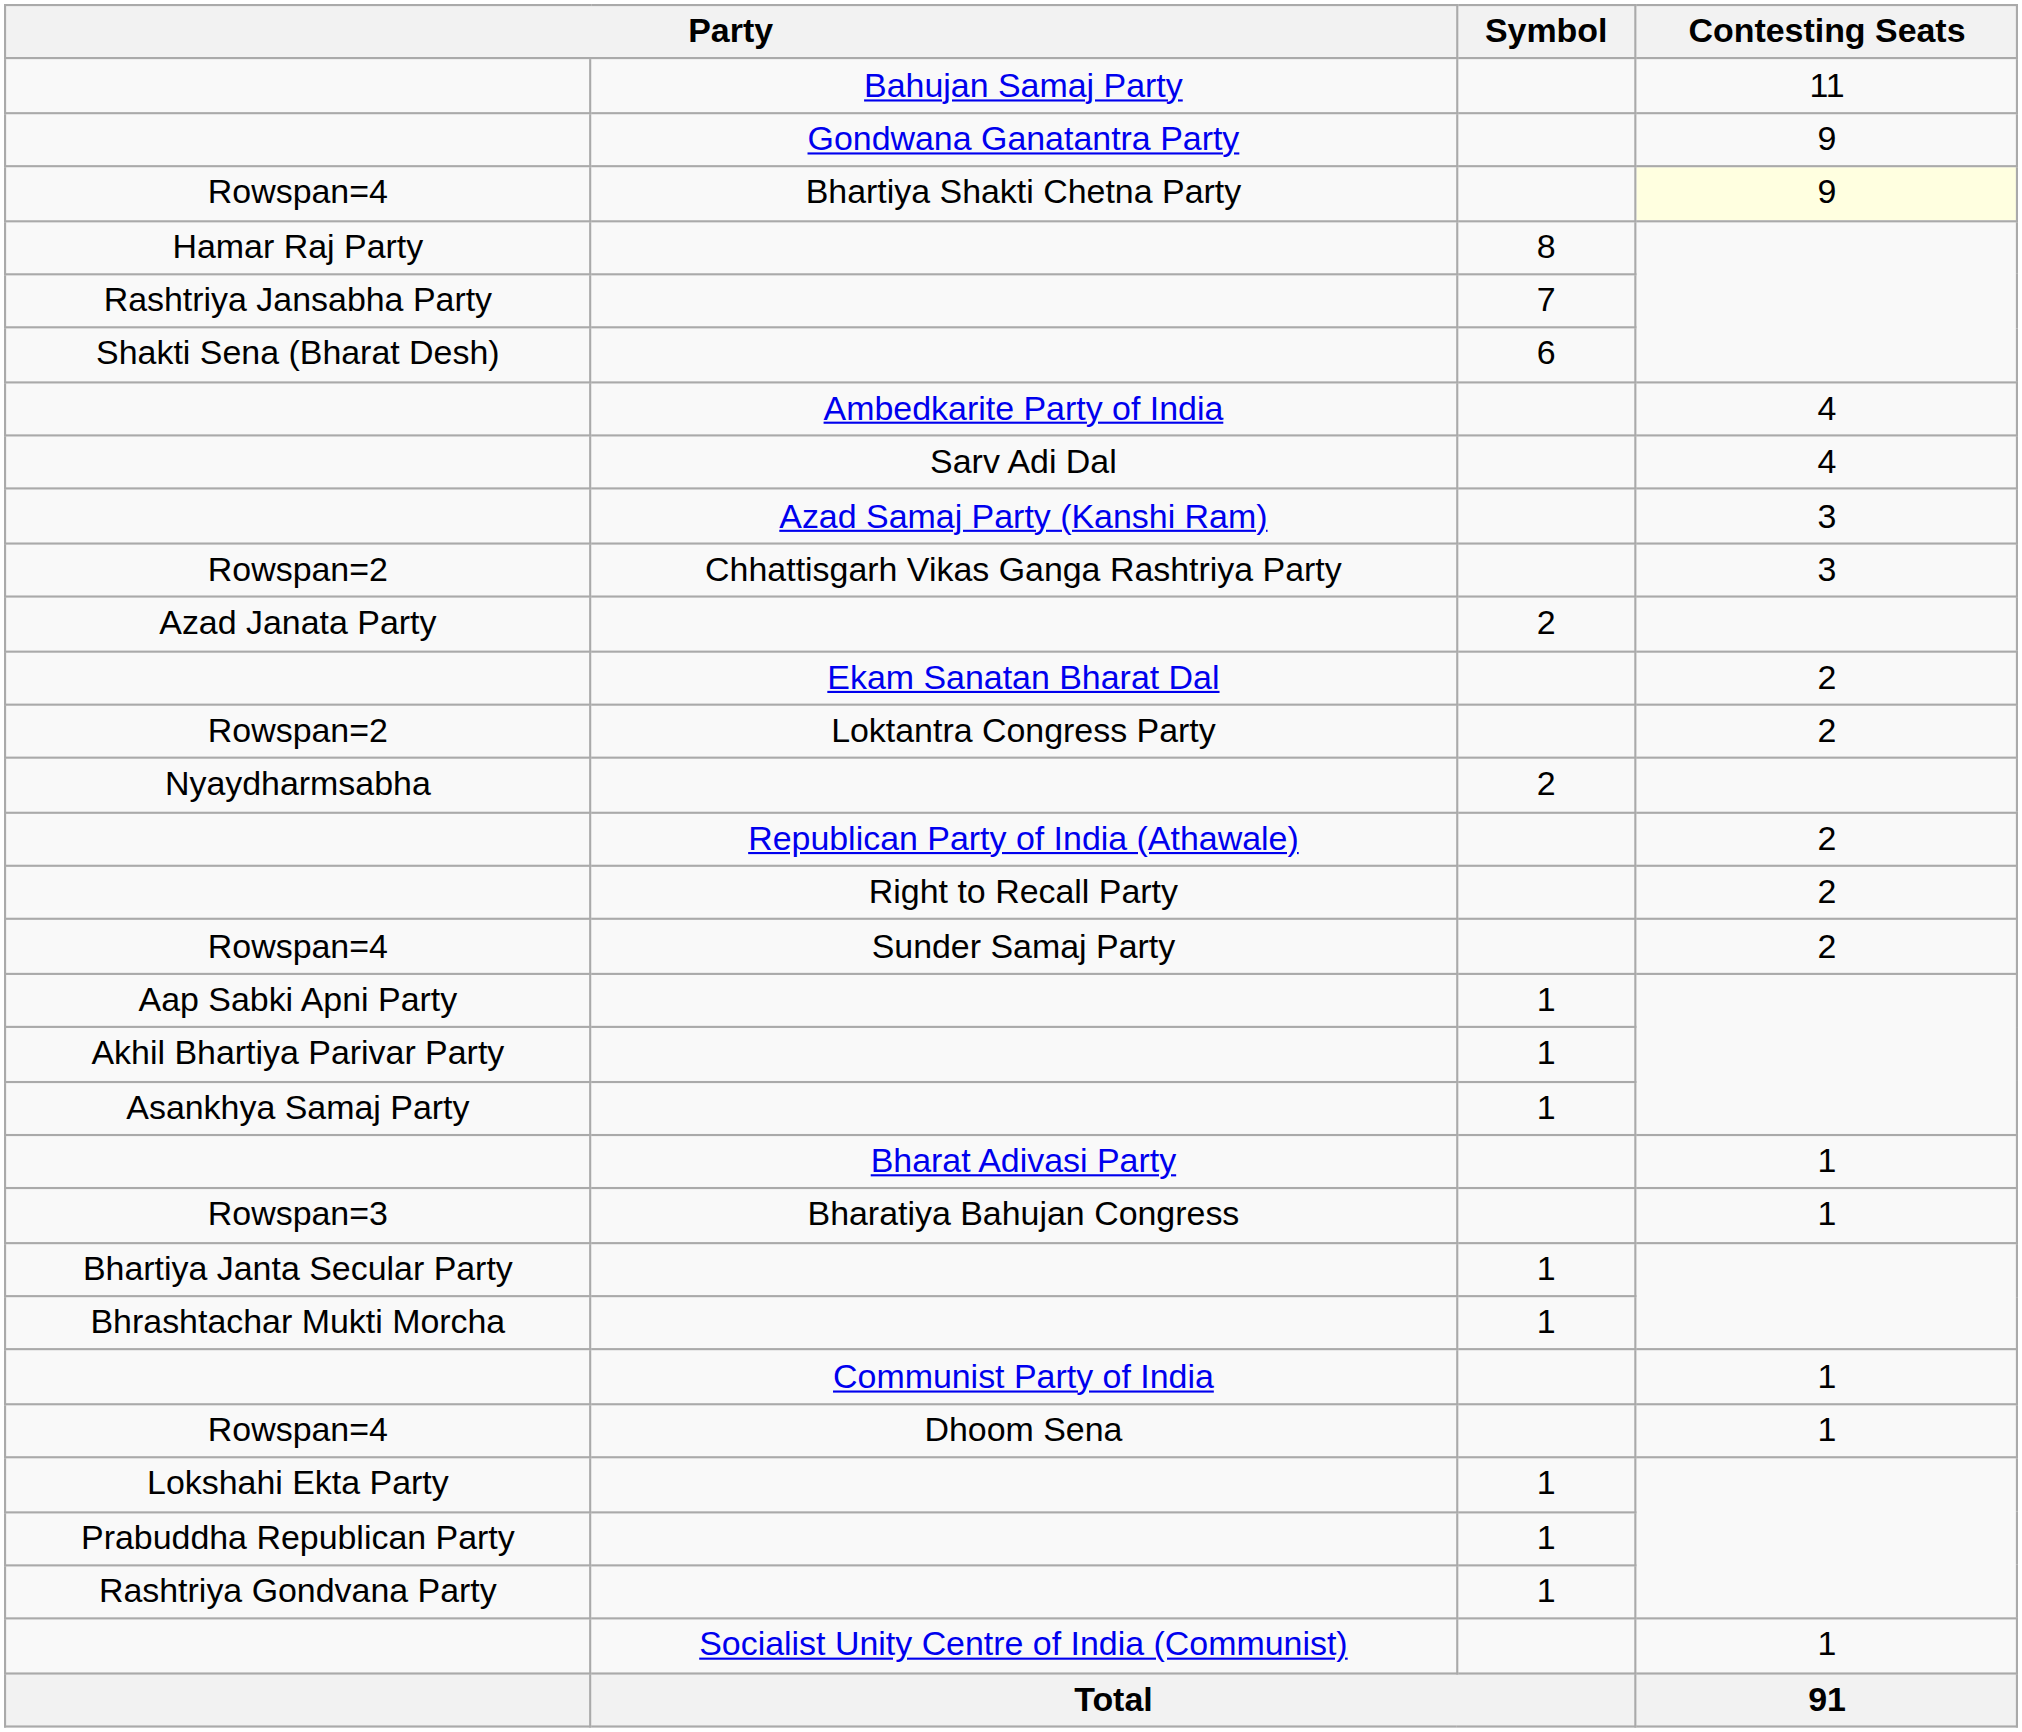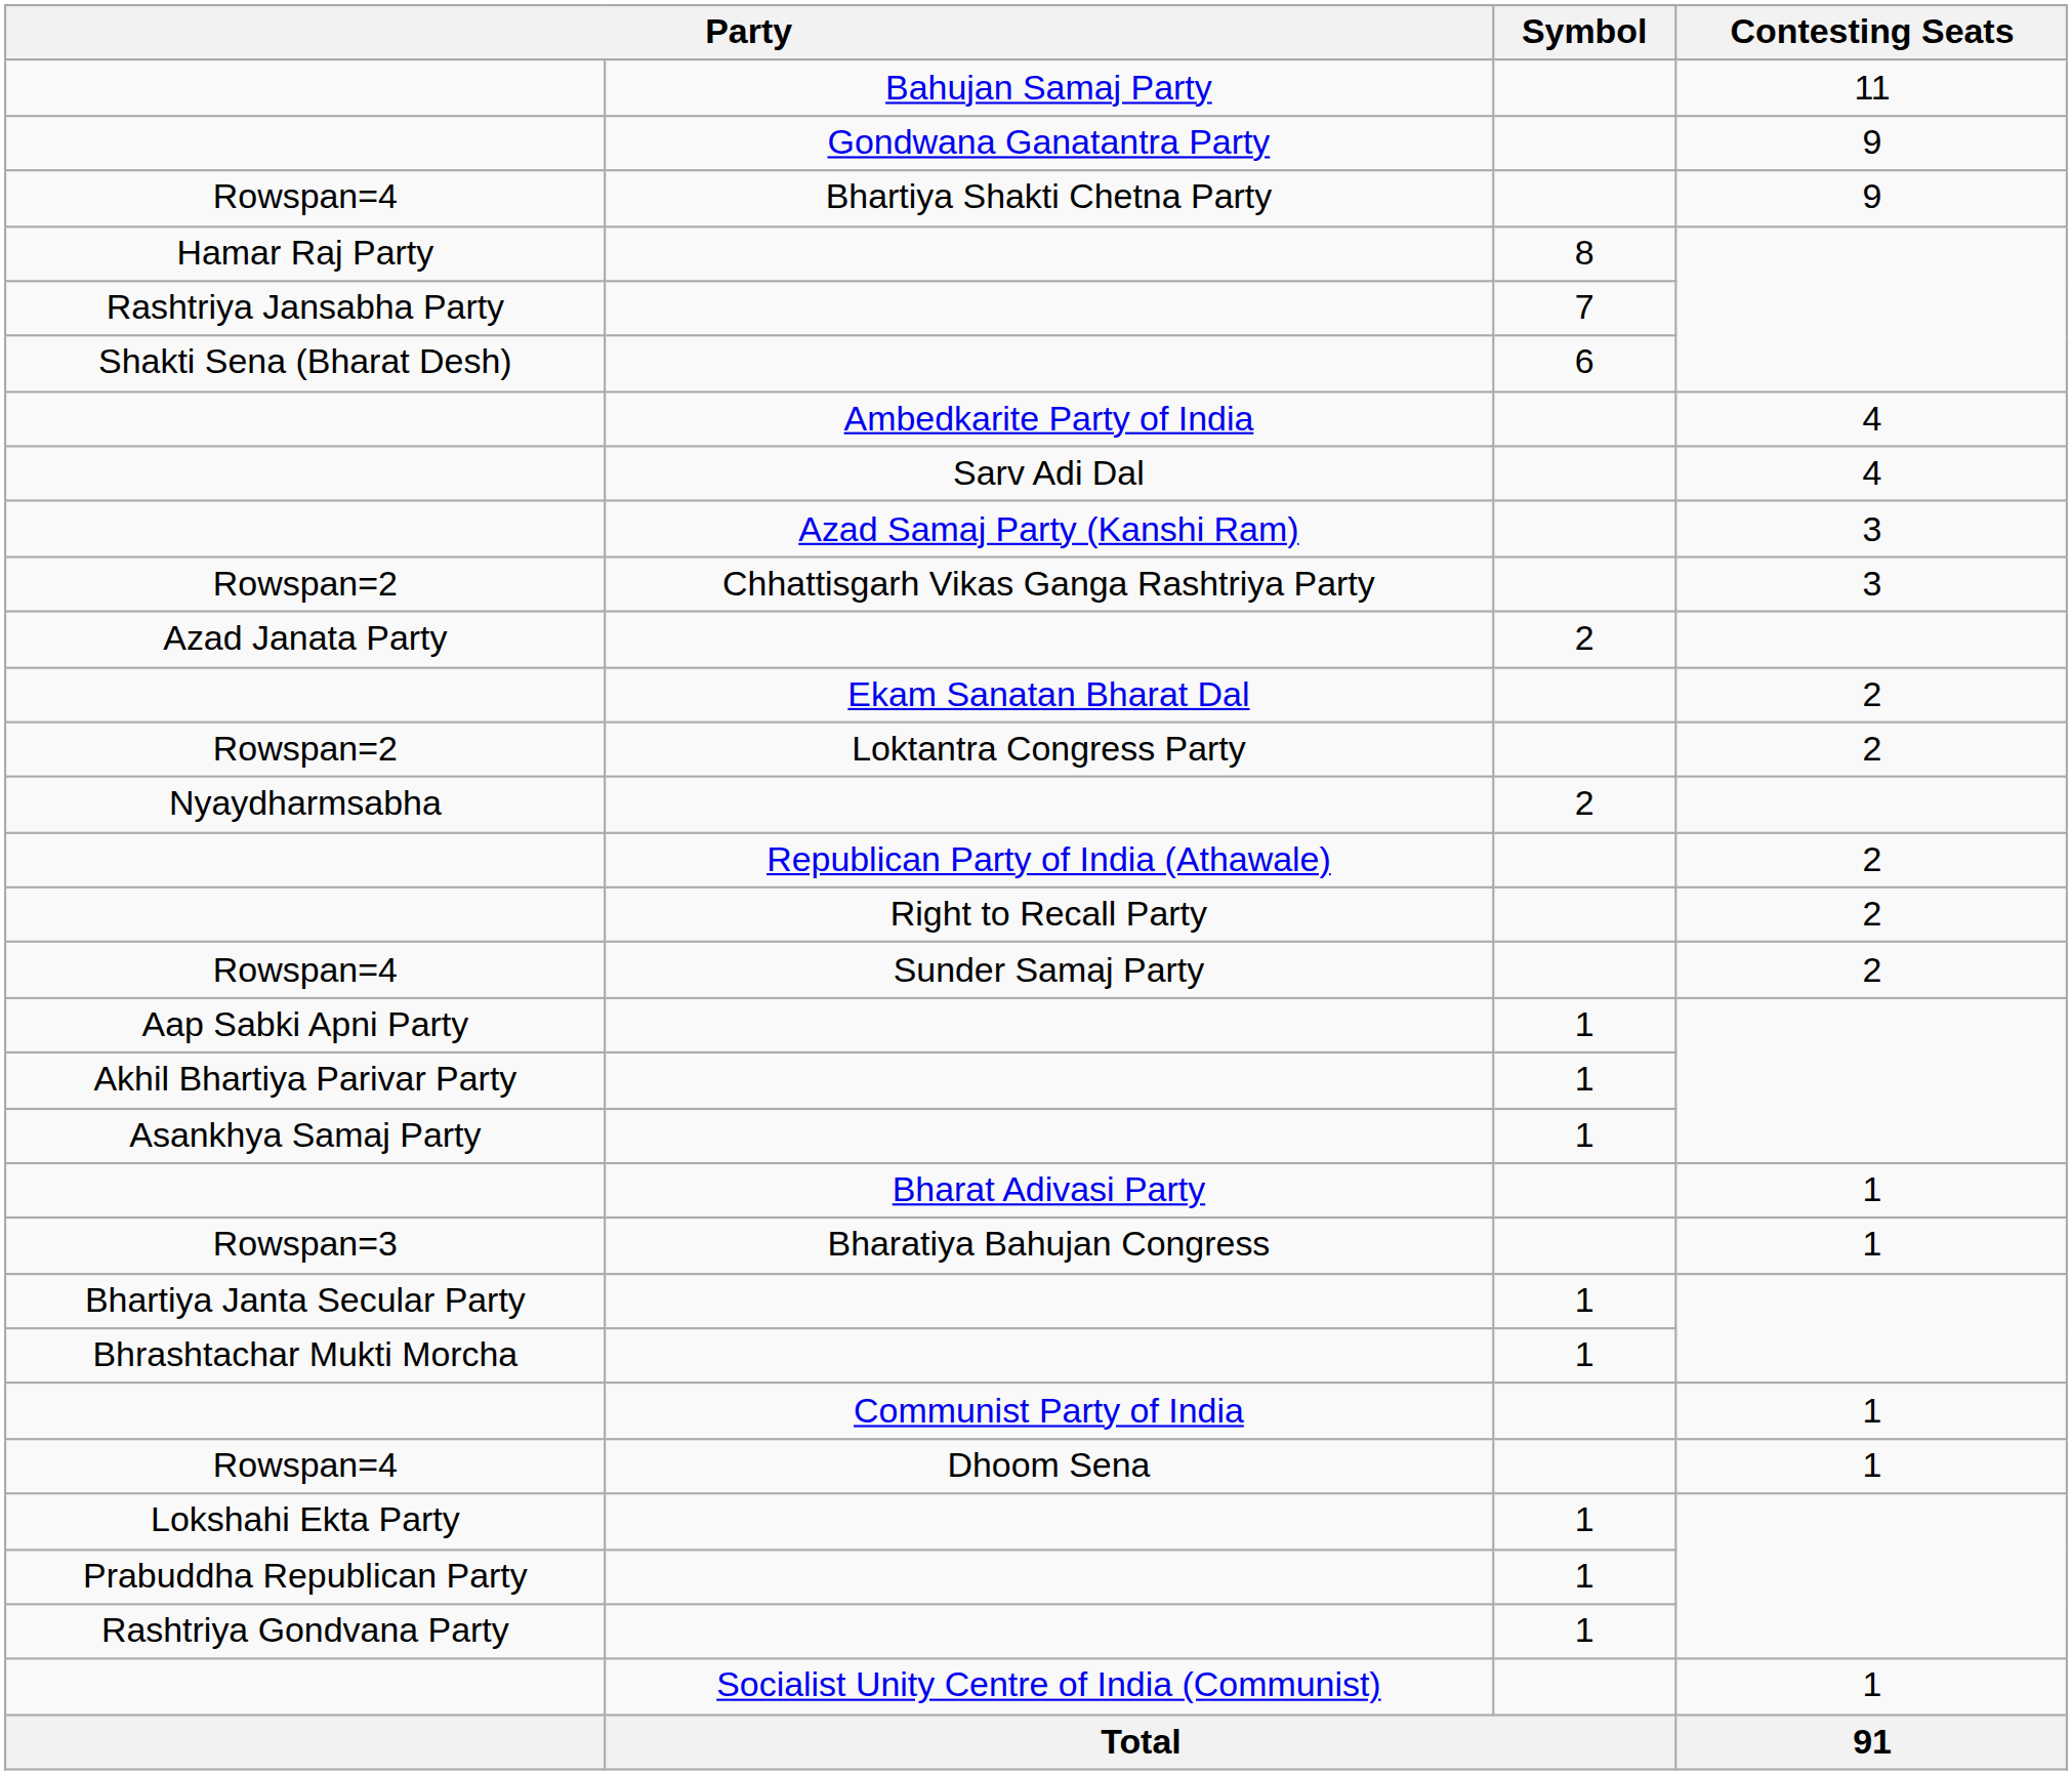 <table class="wikitable" width="60%"style="text-align:center">
 <tr>
 <th colspan="2">Party</th>
 <th>Symbol</th>
 <th>Contesting Seats</th>
 </tr>
 <tr>
 <td></td>
 <td><a href='#'>Bahujan Samaj Party</a></td>
 <td></td>
 <td>11</td>
 </tr>
 <tr>
 <td></td>
 <td><a href='#'>Gondwana Ganatantra Party</a></td>
 <td></td>
 <td>9</td>
 </tr>
 <tr>
 <td>Rowspan=4 </td>
 <td>Bhartiya Shakti Chetna Party</td>
 <td></td>
-<td style="background: lightyellow;">9</td>
+<td>9</td>
 </tr>
 <tr>
 <td>Hamar Raj Party</td>
 <td></td>
 <td>8</td>
 </tr>
 <tr>
 <td>Rashtriya Jansabha Party</td>
 <td></td>
 <td>7</td>
 </tr>
 <tr>
 <td>Shakti Sena (Bharat Desh)</td>
 <td></td>
 <td>6</td>
 </tr>
 <tr>
 <td></td>
 <td><a href='#'>Ambedkarite Party of India</a></td>
 <td></td>
 <td>4</td>
 </tr>
 <tr>
 <td></td>
 <td>Sarv Adi Dal</td>
 <td></td>
 <td>4</td>
 </tr>
 <tr>
 <td></td>
 <td><a href='#'>Azad Samaj Party (Kanshi Ram)</a></td>
 <td></td>
 <td>3</td>
 </tr>
 <tr>
 <td>Rowspan=2 </td>
 <td>Chhattisgarh Vikas Ganga Rashtriya Party</td>
 <td></td>
 <td>3</td>
 </tr>
 <tr>
 <td>Azad Janata Party</td>
 <td></td>
 <td>2</td>
 </tr>
 <tr>
 <td></td>
 <td><a href='#'>Ekam Sanatan Bharat Dal</a></td>
 <td></td>
 <td>2</td>
 </tr>
 <tr>
 <td>Rowspan=2 </td>
 <td>Loktantra Congress Party</td>
 <td></td>
 <td>2</td>
 </tr>
 <tr>
 <td>Nyaydharmsabha</td>
 <td></td>
 <td>2</td>
 </tr>
 <tr>
 <td></td>
 <td><a href='#'>Republican Party of India (Athawale)</a></td>
 <td></td>
 <td>2</td>
 </tr>
 <tr>
 <td></td>
 <td>Right to Recall Party</td>
 <td></td>
 <td>2</td>
 </tr>
 <tr>
 <td>Rowspan=4 </td>
 <td>Sunder Samaj Party</td>
 <td></td>
 <td>2</td>
 </tr>
 <tr>
 <td>Aap Sabki Apni Party</td>
 <td></td>
 <td>1</td>
 </tr>
 <tr>
 <td>Akhil Bhartiya Parivar Party</td>
 <td></td>
 <td>1</td>
 </tr>
 <tr>
 <td>Asankhya Samaj Party</td>
 <td></td>
 <td>1</td>
 </tr>
 <tr>
 <td></td>
 <td><a href='#'>Bharat Adivasi Party</a></td>
 <td></td>
 <td>1</td>
 </tr>
 <tr>
 <td>Rowspan=3 </td>
 <td>Bharatiya Bahujan Congress</td>
 <td></td>
 <td>1</td>
 </tr>
 <tr>
 <td>Bhartiya Janta Secular Party</td>
 <td></td>
 <td>1</td>
 </tr>
 <tr>
 <td>Bhrashtachar Mukti Morcha</td>
 <td></td>
 <td>1</td>
 </tr>
 <tr>
 <td></td>
 <td><a href='#'>Communist Party of India</a></td>
 <td></td>
 <td>1</td>
 </tr>
 <tr>
 <td>Rowspan=4 </td>
 <td>Dhoom Sena</td>
 <td></td>
 <td>1</td>
 </tr>
 <tr>
 <td>Lokshahi Ekta Party</td>
 <td></td>
 <td>1</td>
 </tr>
 <tr>
 <td>Prabuddha Republican Party</td>
 <td></td>
 <td>1</td>
 </tr>
 <tr>
 <td>Rashtriya Gondvana Party</td>
 <td></td>
 <td>1</td>
 </tr>
 <tr>
 <td></td>
 <td><a href='#'>Socialist Unity Centre of India (Communist)</a></td>
 <td></td>
 <td>1</td>
 </tr>
 <tr>
 <th></th>
 <th colspan="2">Total</th>
 <th>91</th>
 </tr>
 </table>
